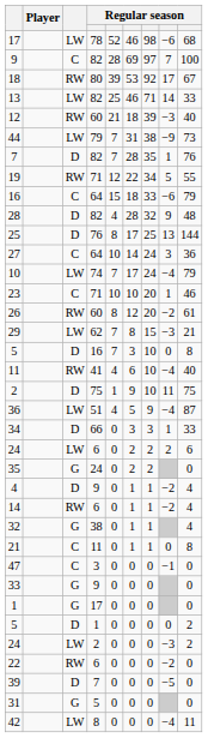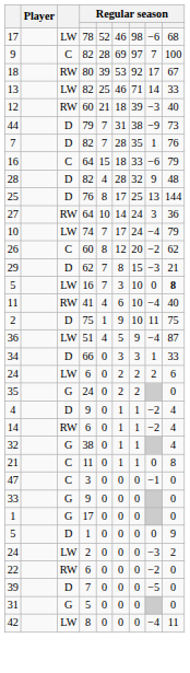 <table class="wikitable sortable plainrowheaders" style="text-align:center;">
 <tr>
 <th scope="col" data-sort-type="number" rowspan="2"></th>
 <th scope="col" rowspan="2">Player</th>
 <th scope="col" rowspan="2"></th>
 <th scope=colgroup colspan=6>Regular season</th>
 </tr>
 <tr>
 <th scope="col" data-sort-type="number"></th>
 <th scope="col" data-sort-type="number"></th>
 <th scope="col" data-sort-type="number"></th>
 <th scope="col" data-sort-type="number"></th>
 <th scope="col" data-sort-type="number"></th>
 <th scope="col" data-sort-type="number"></th>
 </tr>
 <tr>
 <td scope="row">17</td>
 <td align="left"></td>
 <td>LW</td>
 <td>78</td>
 <td>52</td>
 <td>46</td>
 <td>98</td>
 <td>−6</td>
 <td>68</td>
 </tr>
 <tr>
 <td scope="row">9</td>
 <td align="left"></td>
 <td>C</td>
 <td>82</td>
 <td>28</td>
 <td>69</td>
 <td>97</td>
 <td>7</td>
 <td>100</td>
 </tr>
 <tr>
 <td scope="row">18</td>
 <td align="left"></td>
 <td>RW</td>
 <td>80</td>
 <td>39</td>
 <td>53</td>
 <td>92</td>
 <td>17</td>
 <td>67</td>
 </tr>
 <tr>
 <td scope="row">13</td>
 <td align="left"></td>
 <td>LW</td>
 <td>82</td>
 <td>25</td>
 <td>46</td>
 <td>71</td>
 <td>14</td>
 <td>33</td>
 </tr>
 <tr>
 <td scope="row">12</td>
 <td align="left"></td>
 <td>RW</td>
 <td>60</td>
 <td>21</td>
 <td>18</td>
 <td>39</td>
 <td>−3</td>
 <td>40</td>
 </tr>
 <tr>
 <td scope="row">44</td>
 <td align="left"></td>
-<td>LW</td>
+<td>D</td>
 <td>79</td>
 <td>7</td>
 <td>31</td>
 <td>38</td>
 <td>−9</td>
 <td>73</td>
 </tr>
 <tr>
 <td scope="row">7</td>
 <td align="left"></td>
 <td>D</td>
 <td>82</td>
 <td>7</td>
 <td>28</td>
 <td>35</td>
 <td>1</td>
 <td>76</td>
-</tr>
-<tr>
-<td scope="row">19</td>
-<td align="left"></td>
-<td>RW</td>
-<td>71</td>
-<td>12</td>
-<td>22</td>
-<td>34</td>
-<td>5</td>
-<td>55</td>
 </tr>
 <tr>
 <td scope="row">16</td>
 <td align="left"></td>
 <td>C</td>
 <td>64</td>
 <td>15</td>
 <td>18</td>
 <td>33</td>
 <td>−6</td>
 <td>79</td>
 </tr>
 <tr>
 <td scope="row">28</td>
 <td align="left"></td>
 <td>D</td>
 <td>82</td>
 <td>4</td>
 <td>28</td>
 <td>32</td>
 <td>9</td>
 <td>48</td>
 </tr>
 <tr>
 <td scope="row">25</td>
 <td align="left"></td>
 <td>D</td>
 <td>76</td>
 <td>8</td>
 <td>17</td>
 <td>25</td>
 <td>13</td>
 <td>144</td>
 </tr>
 <tr>
 <td scope="row">27</td>
 <td align="left"></td>
-<td>C</td>
+<td>RW</td>
 <td>64</td>
 <td>10</td>
 <td>14</td>
 <td>24</td>
 <td>3</td>
 <td>36</td>
 </tr>
 <tr>
 <td scope="row">10</td>
 <td align="left"></td>
 <td>LW</td>
 <td>74</td>
 <td>7</td>
 <td>17</td>
 <td>24</td>
 <td>−4</td>
 <td>79</td>
 </tr>
 <tr>
-<td scope="row">23</td>
+<td scope="row">26</td>
 <td align="left"></td>
 <td>C</td>
-<td>71</td>
-<td>10</td>
-<td>10</td>
-<td>20</td>
-<td>1</td>
-<td>46</td>
-</tr>
-<tr>
-<td scope="row">26</td>
-<td align="left"></td>
-<td>RW</td>
 <td>60</td>
 <td>8</td>
 <td>12</td>
 <td>20</td>
 <td>−2</td>
-<td>61</td>
+<td>62</td>
 </tr>
 <tr>
 <td scope="row">29</td>
 <td align="left"></td>
-<td>LW</td>
+<td>D</td>
 <td>62</td>
 <td>7</td>
 <td>8</td>
 <td>15</td>
 <td>−3</td>
 <td>21</td>
 </tr>
 <tr>
 <td scope="row">5</td>
 <td align="left"></td>
-<td>D</td>
+<td>LW</td>
 <td>16</td>
 <td>7</td>
 <td>3</td>
 <td>10</td>
 <td>0</td>
-<td>8</td>
+<td><strong>8</strong></td>
 </tr>
 <tr>
 <td scope="row">11</td>
 <td align="left"></td>
 <td>RW</td>
 <td>41</td>
 <td>4</td>
 <td>6</td>
 <td>10</td>
 <td>−4</td>
 <td>40</td>
 </tr>
 <tr>
 <td scope="row">2</td>
 <td align="left"></td>
 <td>D</td>
 <td>75</td>
 <td>1</td>
 <td>9</td>
 <td>10</td>
 <td>11</td>
 <td>75</td>
 </tr>
 <tr>
 <td scope="row">36</td>
 <td align="left"></td>
 <td>LW</td>
 <td>51</td>
 <td>4</td>
 <td>5</td>
 <td>9</td>
 <td>−4</td>
 <td>87</td>
 </tr>
 <tr>
 <td scope="row">34</td>
 <td align="left"></td>
 <td>D</td>
 <td>66</td>
 <td>0</td>
 <td>3</td>
 <td>3</td>
 <td>1</td>
 <td>33</td>
 </tr>
 <tr>
 <td scope="row">24</td>
 <td align="left"></td>
 <td>LW</td>
 <td>6</td>
 <td>0</td>
 <td>2</td>
 <td>2</td>
 <td>2</td>
 <td>6</td>
 </tr>
 <tr>
 <td scope="row">35</td>
 <td align="left"></td>
 <td>G</td>
 <td>24</td>
 <td>0</td>
 <td>2</td>
 <td>2</td>
 <td style="background:#ccc"></td>
 <td>0</td>
 </tr>
 <tr>
 <td scope="row">4</td>
 <td align="left"></td>
 <td>D</td>
 <td>9</td>
 <td>0</td>
 <td>1</td>
 <td>1</td>
 <td>−2</td>
 <td>4</td>
 </tr>
 <tr>
 <td scope="row">14</td>
 <td align="left"></td>
 <td>RW</td>
 <td>6</td>
 <td>0</td>
 <td>1</td>
 <td>1</td>
 <td>−2</td>
 <td>4</td>
 </tr>
 <tr>
 <td scope="row">32</td>
 <td align="left"></td>
 <td>G</td>
 <td>38</td>
 <td>0</td>
 <td>1</td>
 <td>1</td>
 <td style="background:#ccc"></td>
 <td>4</td>
 </tr>
 <tr>
 <td scope="row">21</td>
 <td align="left"></td>
 <td>C</td>
 <td>11</td>
 <td>0</td>
 <td>1</td>
 <td>1</td>
 <td>0</td>
 <td>8</td>
 </tr>
 <tr>
 <td scope="row">47</td>
 <td align="left"></td>
 <td>C</td>
 <td>3</td>
 <td>0</td>
 <td>0</td>
 <td>0</td>
 <td>−1</td>
 <td>0</td>
 </tr>
 <tr>
 <td scope="row">33</td>
 <td align="left"></td>
 <td>G</td>
 <td>9</td>
 <td>0</td>
 <td>0</td>
 <td>0</td>
 <td style="background:#ccc"></td>
 <td>0</td>
 </tr>
 <tr>
 <td scope="row">1</td>
 <td align="left"></td>
 <td>G</td>
 <td>17</td>
 <td>0</td>
 <td>0</td>
 <td>0</td>
 <td style="background:#ccc"></td>
 <td>0</td>
 </tr>
 <tr>
 <td scope="row">5</td>
 <td align="left"></td>
 <td>D</td>
 <td>1</td>
 <td>0</td>
 <td>0</td>
 <td>0</td>
 <td>0</td>
-<td>2</td>
+<td>9</td>
 </tr>
 <tr>
 <td scope="row">24</td>
 <td align="left"></td>
 <td>LW</td>
 <td>2</td>
 <td>0</td>
 <td>0</td>
 <td>0</td>
 <td>−3</td>
 <td>2</td>
 </tr>
 <tr>
 <td scope="row">22</td>
 <td align="left"></td>
 <td>RW</td>
 <td>6</td>
 <td>0</td>
 <td>0</td>
 <td>0</td>
 <td>−2</td>
 <td>0</td>
 </tr>
 <tr>
 <td scope="row">39</td>
 <td align="left"></td>
 <td>D</td>
 <td>7</td>
 <td>0</td>
 <td>0</td>
 <td>0</td>
 <td>−5</td>
 <td>0</td>
 </tr>
 <tr>
 <td scope="row">31</td>
 <td align="left"></td>
 <td>G</td>
 <td>5</td>
 <td>0</td>
 <td>0</td>
 <td>0</td>
 <td style="background:#ccc"></td>
 <td>0</td>
 </tr>
 <tr>
 <td scope="row">42</td>
 <td align="left"></td>
 <td>LW</td>
 <td>8</td>
 <td>0</td>
 <td>0</td>
 <td>0</td>
 <td>−4</td>
 <td>11</td>
 </tr>
 </table>
